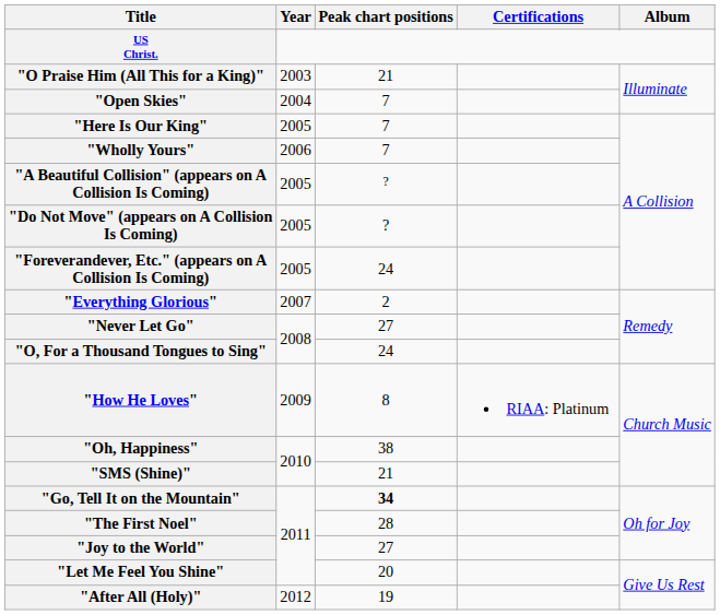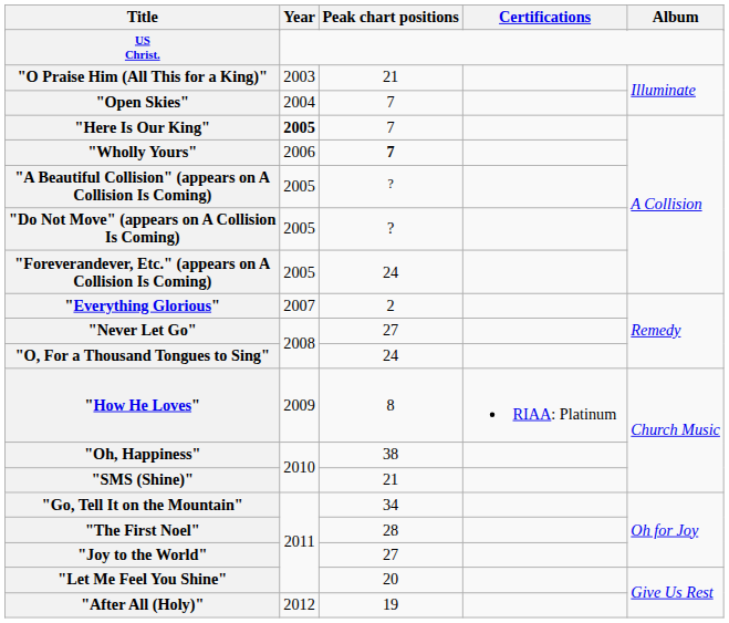 <table class="wikitable plainrowheaders" style=text-align:center;>
 <tr>
 <th scope="col" rowspan="2" style="width:17em;">Title</th>
 <th scope="col" rowspan="2">Year</th>
 <th scope="col">Peak chart positions</th>
 <th scope="col" rowspan="2" style="width:10em;"><a href='#'>Certifications</a></th>
 <th scope="col" rowspan="2">Album</th>
 </tr>
 <tr>
 </tr>
 <tr style="font-size:smaller;">
 <th scope="col" style="width:3em;font-size:90%;"><a href='#'>US<br>Christ.</a></th>
 </tr>
 <tr>
 <th scope="row">"O Praise Him (All This for a King)"</th>
 <td>2003</td>
 <td>21</td>
 <td></td>
 <td rowspan="2" style="text-align:left"><em><a href='#'>Illuminate</a></em></td>
 </tr>
 <tr>
 <th scope="row">"Open Skies"</th>
 <td>2004</td>
 <td>7</td>
 <td></td>
 </tr>
 <tr>
 <th scope="row">"Here Is Our King"</th>
-<td>2005</td>
+<td><strong>2005</strong></td>
 <td>7</td>
 <td></td>
 <td rowspan="5" style="text-align:left"><em><a href='#'>A Collision</a></em></td>
 </tr>
 <tr>
 <th scope="row">"Wholly Yours"</th>
 <td>2006</td>
-<td>7</td>
+<td><strong>7</strong></td>
 <td></td>
 </tr>
 <tr>
 <th scope="row">"A Beautiful Collision" (appears on A Collision Is Coming)</th>
 <td>2005</td>
 <td><sup>?</sup></td>
 <td></td>
 </tr>
 <tr>
 <th scope="row">"Do Not Move" (appears on A Collision Is Coming)</th>
 <td>2005</td>
 <td>?</td>
 <td></td>
 </tr>
 <tr>
 <th scope="row">"Foreverandever, Etc." (appears on A Collision Is Coming)</th>
 <td>2005</td>
 <td>24</td>
 <td></td>
 </tr>
 <tr>
 <th scope="row">"<a href='#'>Everything Glorious</a>"</th>
 <td>2007</td>
 <td>2</td>
 <td></td>
 <td rowspan="3" style="text-align:left"><em><a href='#'>Remedy</a></em></td>
 </tr>
 <tr>
 <th scope="row">"Never Let Go"</th>
 <td rowspan="2">2008</td>
 <td>27</td>
 <td></td>
 </tr>
 <tr>
 <th scope="row">"O, For a Thousand Tongues to Sing"</th>
 <td>24</td>
 <td></td>
 </tr>
 <tr>
 <th scope="row">"<a href='#'>How He Loves</a>"</th>
 <td>2009</td>
 <td>8</td>
 <td><br><ul><li><a href='#'>RIAA</a>: Platinum</li></ul></td>
 <td rowspan="3" style="text-align:left"><em><a href='#'>Church Music</a></em></td>
 </tr>
 <tr>
 <th scope="row">"Oh, Happiness"</th>
 <td rowspan="2">2010</td>
 <td>38</td>
 <td></td>
 </tr>
 <tr>
 <th scope="row">"SMS (Shine)"</th>
 <td>21</td>
 <td></td>
 </tr>
 <tr>
 <th scope="row">"Go, Tell It on the Mountain"</th>
 <td rowspan="4">2011</td>
-<td><strong>34</strong></td>
+<td>34</td>
 <td></td>
 <td rowspan="3" style="text-align:left"><em><a href='#'>Oh for Joy</a></em></td>
 </tr>
 <tr>
 <th scope="row">"The First Noel"</th>
 <td>28</td>
 <td></td>
 </tr>
 <tr>
 <th scope="row">"Joy to the World"</th>
 <td>27</td>
 <td></td>
 </tr>
 <tr>
 <th scope="row">"Let Me Feel You Shine"</th>
 <td>20</td>
 <td></td>
 <td rowspan="2" style="text-align:left"><em><a href='#'>Give Us Rest</a></em></td>
 </tr>
 <tr>
 <th scope="row">"After All (Holy)"</th>
 <td>2012</td>
 <td>19</td>
 <td></td>
 </tr>
 </table>
